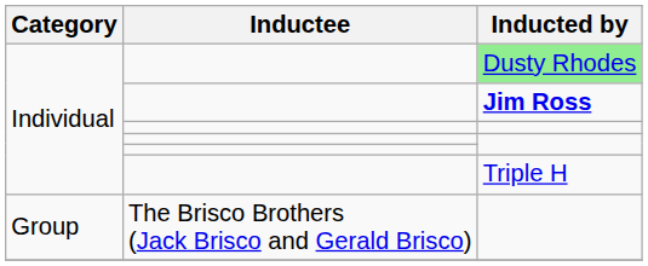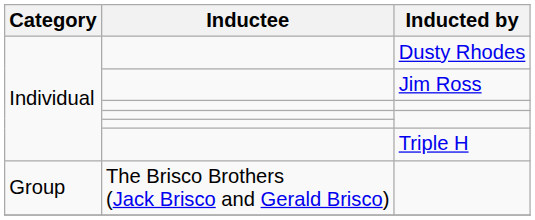 <table class="wikitable">
 <tr>
 <th>Category</th>
 <th>Inductee</th>
 <th>Inducted by</th>
 </tr>
 <tr>
 <td rowspan="6">Individual</td>
 <td></td>
-<td style="background: lightgreen;"><a href='#'>Dusty Rhodes</a></td>
+<td><a href='#'>Dusty Rhodes</a></td>
 </tr>
 <tr>
 <td></td>
-<td><strong><a href='#'>Jim Ross</a></strong></td>
+<td><a href='#'>Jim Ross</a></td>
 </tr>
 <tr>
 <td></td>
 <td></td>
 </tr>
 <tr>
 <td></td>
 <td rowspan="2"></td>
 </tr>
 <tr>
 <td></td>
 </tr>
 <tr>
 <td><strong></strong></td>
 <td><a href='#'>Triple H</a></td>
 </tr>
 <tr>
 <td>Group</td>
 <td>The Brisco Brothers<br>(<a href='#'>Jack Brisco</a> and <a href='#'>Gerald Brisco</a>)</td>
 <td></td>
 </tr>
 <tr>
 </tr>
 </table>
